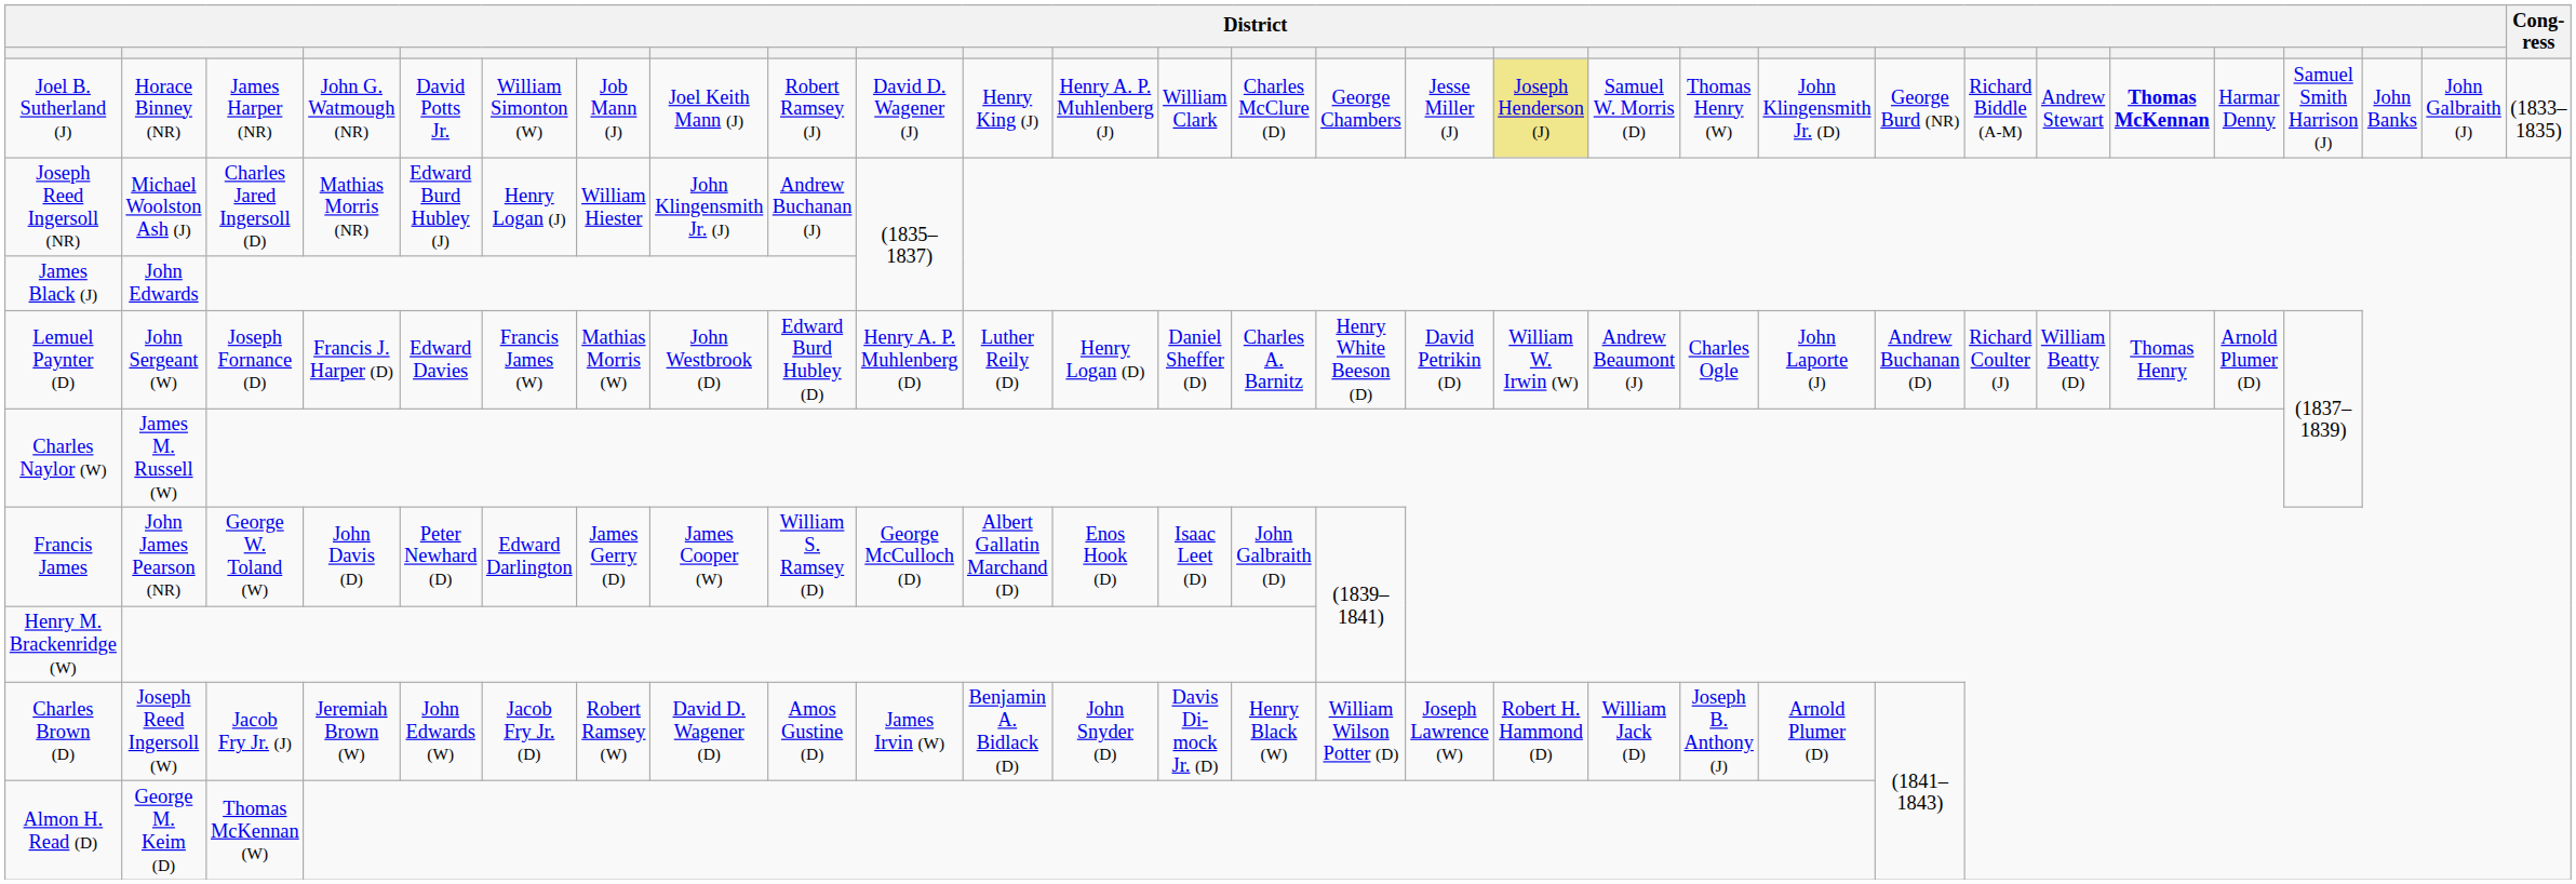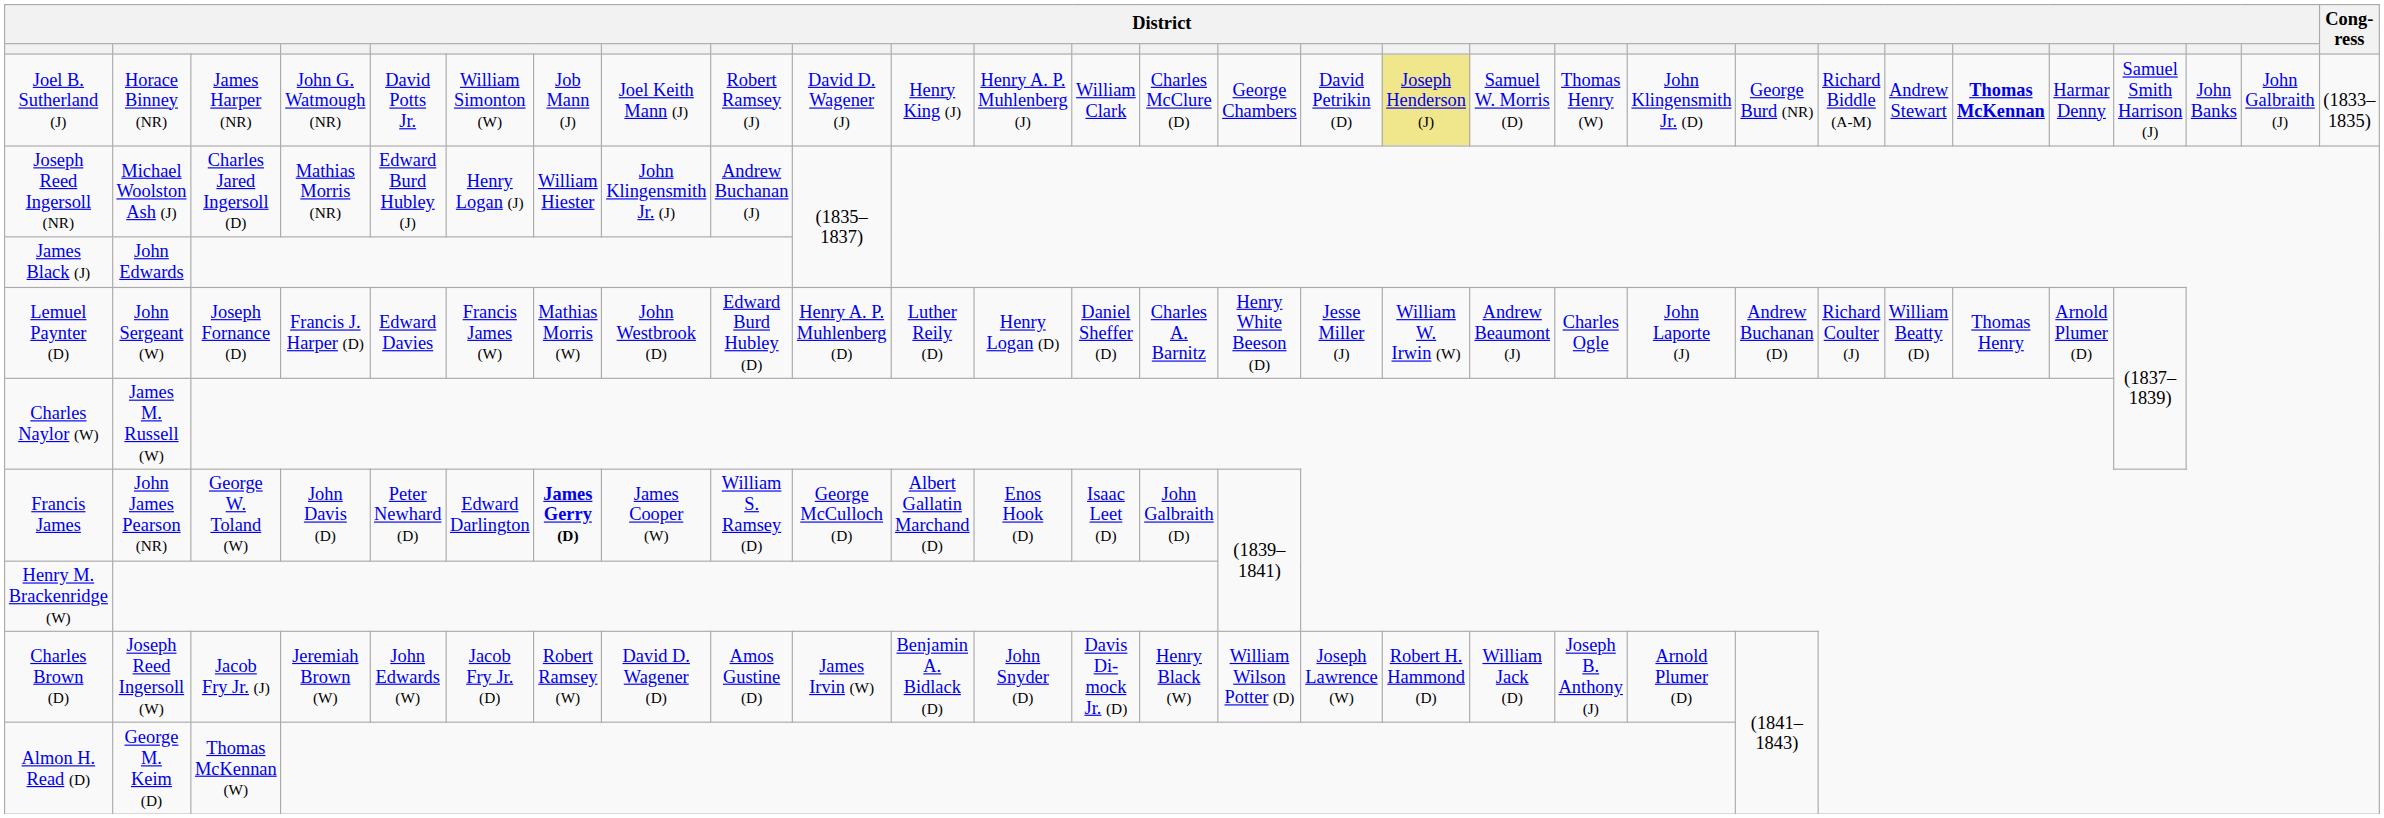 <table class=wikitable style="text-align:center">
 <tr>
 <th colspan=28>District</th>
 <th rowspan=2>Cong­ress</th>
 </tr>
 <tr>
 <th></th>
 <th colspan=2> </th>
 <th></th>
 <th colspan=3> </th>
 <th></th>
 <th></th>
 <th></th>
 <th></th>
 <th></th>
 <th></th>
 <th></th>
 <th></th>
 <th></th>
 <th></th>
 <th></th>
 <th></th>
 <th></th>
 <th></th>
 <th></th>
 <th></th>
 <th></th>
 <th></th>
 <th></th>
 <th></th>
 <th></th>
 </tr>
 <tr style="height:3em">
 <td><a href='#'>Joel B.<br>Sutherland</a><br><small>(J)</small></td>
 <td><a href='#'>Horace<br>Binney</a> <small>(NR)</small></td>
 <td><a href='#'>James<br>Harper</a><br><small>(NR)</small></td>
 <td><a href='#'>John G.<br>Watmough</a> <small>(NR)</small></td>
 <td><a href='#'>David<br>Potts<br>Jr.</a><br></td>
 <td><a href='#'>William<br>Simonton</a><br><small>(W)</small></td>
 <td><a href='#'>Job<br>Mann</a> <small>(J)</small></td>
 <td><a href='#'>Joel Keith<br>Mann</a> <small>(J)</small></td>
 <td><a href='#'>Robert<br>Ramsey</a> <small>(J)</small></td>
 <td><a href='#'>David D.<br>Wagener</a><br><small>(J)</small></td>
 <td><a href='#'>Henry<br>King</a> <small>(J)</small></td>
 <td><a href='#'>Henry A. P.<br>Muhlenberg</a><br><small>(J)</small></td>
 <td><a href='#'>William<br>Clark</a><br></td>
 <td><a href='#'>Charles<br>McClure</a><br><small>(D)</small></td>
 <td><a href='#'>George<br>Chambers</a><br></td>
-<td><a href='#'>Jesse<br>Miller</a><br><small>(J)</small></td>
+<td><a href='#'>David<br>Petrikin</a><br><small>(D)</small></td>
 <td style="background: khaki;"><a href='#'>Joseph<br>Henderson</a><br><small>(J)</small></td>
 <td><a href='#'>Samuel<br>W. Morris</a><br><small>(D)</small></td>
 <td><a href='#'>Thomas<br>Henry</a> <small>(W)</small></td>
 <td><a href='#'>John<br>Klingensmith<br>Jr.</a> <small>(D)</small></td>
 <td><a href='#'>George<br>Burd</a> <small>(NR)</small></td>
 <td><a href='#'>Richard<br>Biddle</a><br><small>(A-M)</small></td>
 <td><a href='#'>Andrew<br>Stewart</a> </td>
 <td><strong><a href='#'>Thomas<br>McKennan</a><br></strong></td>
 <td><a href='#'>Harmar<br>Denny</a><br></td>
 <td><a href='#'>Samuel<br>Smith<br>Harrison</a><br><small>(J)</small></td>
 <td><a href='#'>John<br>Banks</a><br></td>
 <td><a href='#'>John<br>Galbraith</a><br><small>(J)</small></td>
 <td><strong></strong><br>(1833–1835)</td>
 </tr>
 <tr style="height:2em">
 <td><a href='#'>Joseph<br>Reed<br>Ingersoll</a> <small>(NR)</small></td>
 <td><a href='#'>Michael<br>Woolston<br>Ash</a> <small>(J)</small></td>
 <td><a href='#'>Charles<br>Jared<br>Ingersoll</a><br><small>(D)</small></td>
 <td><a href='#'>Mathias<br>Morris</a><br><small>(NR)</small></td>
 <td><a href='#'>Edward Burd<br>Hubley</a> <small>(J)</small></td>
 <td><a href='#'>Henry<br>Logan</a> <small>(J)</small></td>
 <td><a href='#'>William<br>Hiester</a><br></td>
 <td><a href='#'>John<br>Klingensmith<br>Jr.</a> <small>(J)</small></td>
 <td><a href='#'>Andrew<br>Buchanan</a><br><small>(J)</small></td>
 <td rowspan=2><strong></strong><br>(1835–1837)</td>
 </tr>
 <tr style="height:2em">
 <td><a href='#'>James<br>Black</a> <small>(J)</small></td>
 <td><a href='#'>John<br>Edwards</a><br></td>
 </tr>
 <tr style="height:2em">
 <td><a href='#'>Lemuel<br>Paynter</a><br><small>(D)</small></td>
 <td><a href='#'>John<br>Sergeant</a><br><small>(W)</small></td>
 <td><a href='#'>Joseph<br>Fornance</a><br><small>(D)</small></td>
 <td><a href='#'>Francis J.<br>Harper</a> <small>(D)</small></td>
 <td><a href='#'>Edward<br>Davies</a><br></td>
 <td><a href='#'>Francis<br>James</a><br><small>(W)</small></td>
 <td><a href='#'>Mathias<br>Morris</a><br><small>(W)</small></td>
 <td><a href='#'>John<br>Westbrook</a><br><small>(D)</small></td>
 <td><a href='#'>Edward<br>Burd<br>Hubley</a> <small>(D)</small></td>
 <td><a href='#'>Henry A. P.<br>Muhlenberg</a> <small>(D)</small></td>
 <td><a href='#'>Luther<br>Reily</a><br><small>(D)</small></td>
 <td><a href='#'>Henry<br>Logan</a> <small>(D)</small></td>
 <td><a href='#'>Daniel<br>Sheffer</a><br><small>(D)</small></td>
 <td><a href='#'>Charles A.<br>Barnitz</a> </td>
 <td><a href='#'>Henry<br>White<br>Beeson</a><br><small>(D)</small></td>
-<td><a href='#'>David<br>Petrikin</a><br><small>(D)</small></td>
+<td><a href='#'>Jesse<br>Miller</a><br><small>(J)</small></td>
 <td><a href='#'>William W.<br>Irwin</a> <small>(W)</small></td>
 <td><a href='#'>Andrew<br>Beaumont</a><br><small>(J)</small></td>
 <td><a href='#'>Charles<br>Ogle</a><br></td>
 <td><a href='#'>John<br>Laporte</a><br><small>(J)</small></td>
 <td><a href='#'>Andrew<br>Buchanan</a><br><small>(D)</small></td>
 <td><a href='#'>Richard<br>Coulter</a> <small>(J)</small></td>
 <td><a href='#'>William<br>Beatty</a><br><small>(D)</small></td>
 <td><a href='#'>Thomas<br>Henry</a><br></td>
 <td><a href='#'>Arnold<br>Plumer</a><br><small>(D)</small></td>
 <td rowspan=2><strong></strong><br>(1837–1839)</td>
 </tr>
 <tr style="height:2em">
 <td><a href='#'>Charles<br>Naylor</a> <small>(W)</small></td>
 <td><a href='#'>James M.<br>Russell</a> <small>(W)</small></td>
 </tr>
 <tr style="height:3em">
 <td><a href='#'>Francis<br>James</a><br></td>
 <td><a href='#'>John James<br>Pearson</a> <small>(NR)</small></td>
 <td><a href='#'>George<br>W.<br>Toland</a><br><small>(W)</small></td>
 <td><a href='#'>John<br>Davis</a><br><small>(D)</small></td>
 <td><a href='#'>Peter<br>Newhard</a><br><small>(D)</small></td>
 <td><a href='#'>Edward<br>Darlington</a><br></td>
-<td><a href='#'>James Gerry</a><br><small>(D)</small></td>
+<td><strong><a href='#'>James Gerry</a><br><small>(D)</small></strong></td>
 <td><a href='#'>James<br>Cooper</a><br><small>(W)</small></td>
 <td><a href='#'>William S.<br>Ramsey</a> <small>(D)</small></td>
 <td><a href='#'>George<br>McCulloch</a><br><small>(D)</small></td>
 <td><a href='#'>Albert<br>Gallatin<br>Marchand</a><br><small>(D)</small></td>
 <td><a href='#'>Enos<br>Hook</a><br><small>(D)</small></td>
 <td><a href='#'>Isaac Leet</a><br><small>(D)</small></td>
 <td><a href='#'>John<br>Galbraith</a><br><small>(D)</small></td>
 <td rowspan=2><strong></strong><br>(1839–1841)</td>
 </tr>
 <tr style="height:2em">
 <td><a href='#'>Henry M.<br>Brackenridge</a> <small>(W)</small></td>
 </tr>
 <tr style="height:3em">
 <td><a href='#'>Charles<br>Brown</a><br><small>(D)</small></td>
 <td><a href='#'>Joseph<br>Reed<br>Ingersoll</a><br><small>(W)</small></td>
 <td><a href='#'>Jacob<br>Fry Jr.</a> <small>(J)</small></td>
 <td><a href='#'>Jeremiah<br>Brown</a><br><small>(W)</small></td>
 <td><a href='#'>John<br>Edwards</a><br><small>(W)</small></td>
 <td><a href='#'>Jacob<br>Fry Jr.</a><br><small>(D)</small></td>
 <td><a href='#'>Robert<br>Ramsey</a><br><small>(W)</small></td>
 <td><a href='#'>David D.<br>Wagener</a><br><small>(D)</small></td>
 <td><a href='#'>Amos<br>Gustine</a><br><small>(D)</small></td>
 <td><a href='#'>James<br>Irvin</a> <small>(W)</small></td>
 <td><a href='#'>Benjamin<br>A.<br>Bidlack</a><br><small>(D)</small></td>
 <td><a href='#'>John<br>Snyder</a><br><small>(D)</small></td>
 <td><a href='#'>Davis Di-<br>mock Jr.</a> <small>(D)</small></td>
 <td><a href='#'>Henry<br>Black</a> <small>(W)</small></td>
 <td><a href='#'>William<br>Wilson<br>Potter</a> <small>(D)</small></td>
 <td><a href='#'>Joseph<br>Lawrence</a> <small>(W)</small></td>
 <td><a href='#'>Robert H.<br>Hammond</a><br><small>(D)</small></td>
 <td><a href='#'>William<br>Jack</a><br><small>(D)</small></td>
 <td><a href='#'>Joseph B.<br>Anthony</a><br><small>(J)</small></td>
 <td><a href='#'>Arnold<br>Plumer</a><br><small>(D)</small></td>
 <td rowspan=2><strong></strong><br>(1841–1843)</td>
 </tr>
 <tr style="height:2em">
 <td><a href='#'>Almon H.<br>Read</a> <small>(D)</small></td>
 <td><a href='#'>George M.<br>Keim</a><br><small>(D)</small></td>
 <td><a href='#'>Thomas<br>McKennan</a> <small>(W)</small></td>
 </tr>
 </table>
